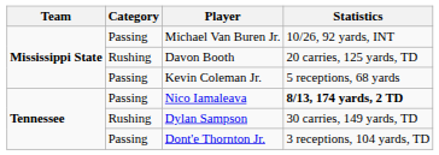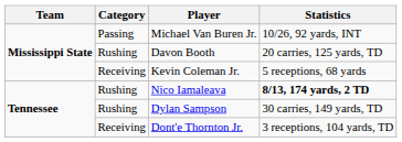 <table class="wikitable" style="float: right;">
 <tr>
 <th>Team</th>
 <th>Category</th>
 <th>Player</th>
 <th>Statistics</th>
 </tr>
 <tr>
 <td rowspan=3><strong>Mississippi State</strong></td>
 <td>Passing</td>
 <td>Michael Van Buren Jr.</td>
 <td>10/26, 92 yards, INT</td>
 </tr>
 <tr>
 <td>Rushing</td>
 <td>Davon Booth</td>
 <td>20 carries, 125 yards, TD</td>
 </tr>
 <tr>
-<td>Passing</td>
+<td>Receiving</td>
 <td>Kevin Coleman Jr.</td>
 <td>5 receptions, 68 yards</td>
 </tr>
 <tr>
 <td rowspan=3><strong>Tennessee</strong></td>
-<td>Passing</td>
+<td>Rushing</td>
 <td><a href='#'>Nico Iamaleava</a></td>
 <td><strong>8/13, 174 yards, 2 TD</strong></td>
 </tr>
 <tr>
 <td>Rushing</td>
 <td><a href='#'>Dylan Sampson</a></td>
 <td>30 carries, 149 yards, TD</td>
 </tr>
 <tr>
-<td>Passing</td>
+<td>Receiving</td>
 <td><a href='#'>Dont'e Thornton Jr.</a></td>
 <td>3 receptions, 104 yards, TD</td>
 </tr>
 </table>
